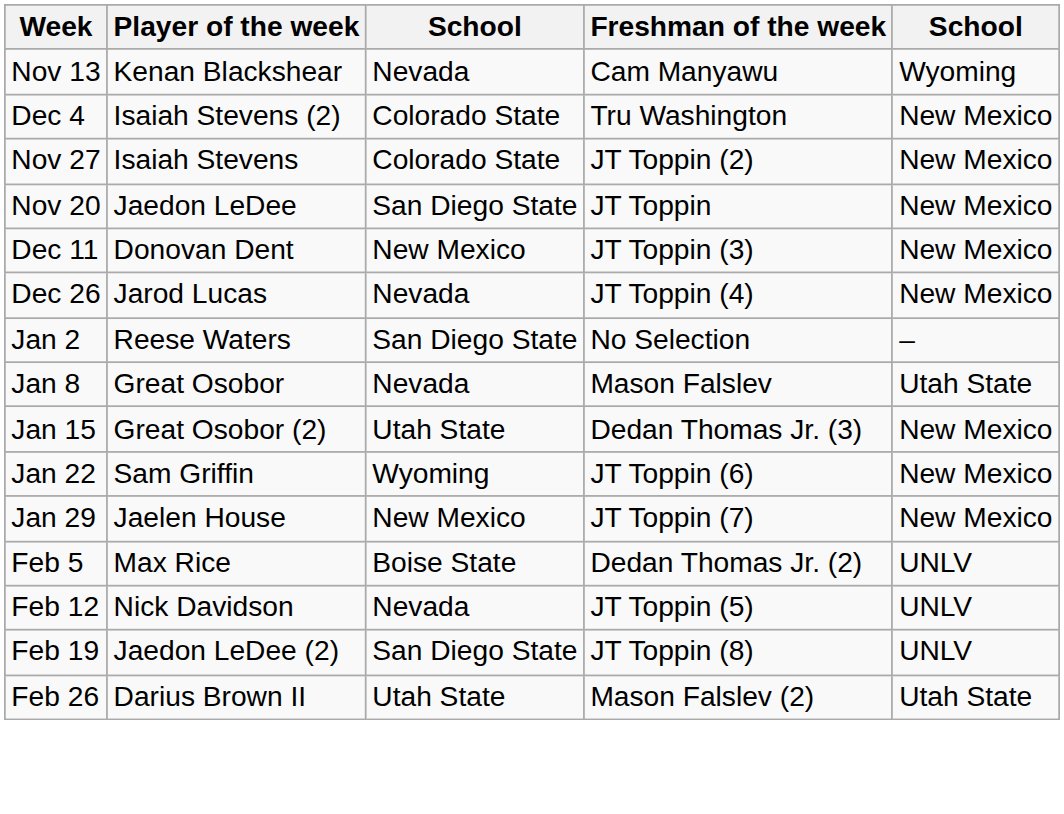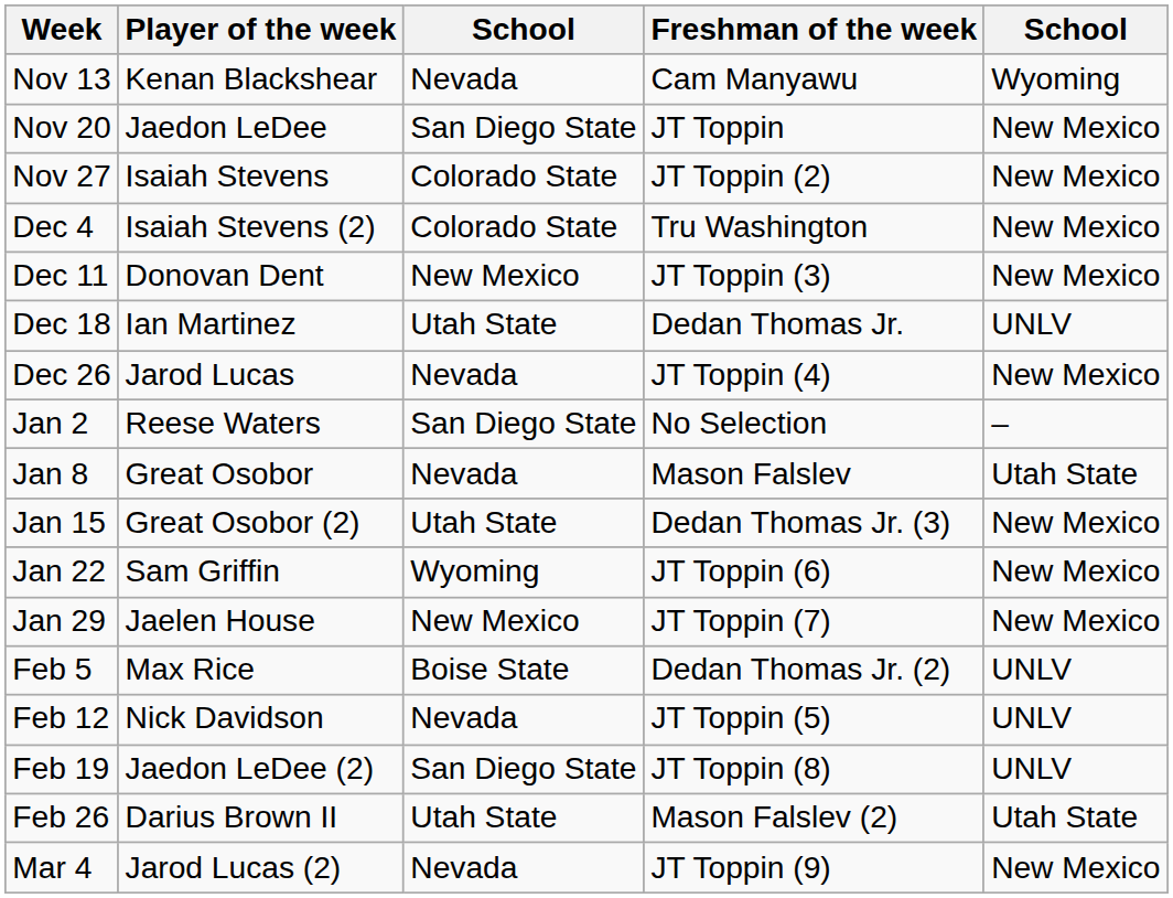 <table class=wikitable>
 <tr>
 <th>Week</th>
 <th>Player of the week</th>
 <th>School</th>
 <th>Freshman of the week</th>
 <th>School</th>
 </tr>
 <tr>
 <td>Nov 13</td>
 <td>Kenan Blackshear</td>
 <td style=>Nevada</td>
 <td>Cam Manyawu</td>
 <td style=>Wyoming</td>
 </tr>
 <tr>
-<td>Dec 4</td>
-<td>Isaiah Stevens (2)</td>
-<td style=>Colorado State</td>
-<td>Tru Washington</td>
+<td>Nov 20</td>
+<td>Jaedon LeDee</td>
+<td style=>San Diego State</td>
+<td>JT Toppin</td>
 <td style=>New Mexico</td>
 </tr>
 <tr>
 <td>Nov 27</td>
 <td>Isaiah Stevens</td>
 <td style=>Colorado State</td>
 <td>JT Toppin (2)</td>
 <td style=>New Mexico</td>
 </tr>
 <tr>
-<td>Nov 20</td>
-<td>Jaedon LeDee</td>
-<td style=>San Diego State</td>
-<td>JT Toppin</td>
+<td>Dec 4</td>
+<td>Isaiah Stevens (2)</td>
+<td style=>Colorado State</td>
+<td>Tru Washington</td>
 <td style=>New Mexico</td>
 </tr>
 <tr>
 <td>Dec 11</td>
 <td>Donovan Dent</td>
 <td style=>New Mexico</td>
 <td>JT Toppin (3)</td>
 <td style=>New Mexico</td>
+</tr>
+<tr>
+<td>Dec 18</td>
+<td>Ian Martinez</td>
+<td style=>Utah State</td>
+<td>Dedan Thomas Jr.</td>
+<td style=>UNLV</td>
 </tr>
 <tr>
 <td>Dec 26</td>
 <td>Jarod Lucas</td>
 <td style=>Nevada</td>
 <td>JT Toppin (4)</td>
 <td style=>New Mexico</td>
 </tr>
 <tr>
 <td>Jan 2</td>
 <td>Reese Waters</td>
 <td style=>San Diego State</td>
 <td>No Selection</td>
 <td>–</td>
 </tr>
 <tr>
 <td>Jan 8</td>
 <td>Great Osobor</td>
 <td>Nevada</td>
 <td>Mason Falslev</td>
 <td style=>Utah State</td>
 </tr>
 <tr>
 <td>Jan 15</td>
 <td>Great Osobor (2)</td>
 <td style=>Utah State</td>
 <td>Dedan Thomas Jr. (3)</td>
 <td style=>New Mexico</td>
 </tr>
 <tr>
 <td>Jan 22</td>
 <td>Sam Griffin</td>
 <td style=>Wyoming</td>
 <td>JT Toppin (6)</td>
 <td style=>New Mexico</td>
 </tr>
 <tr>
 <td>Jan 29</td>
 <td>Jaelen House</td>
 <td style=>New Mexico</td>
 <td>JT Toppin (7)</td>
 <td style=>New Mexico</td>
 </tr>
 <tr>
 <td>Feb 5</td>
 <td>Max Rice</td>
 <td style=>Boise State</td>
 <td>Dedan Thomas Jr. (2)</td>
 <td>UNLV</td>
 </tr>
 <tr>
 <td>Feb 12</td>
 <td>Nick Davidson</td>
 <td>Nevada</td>
 <td>JT Toppin (5)</td>
 <td>UNLV</td>
 </tr>
 <tr>
 <td>Feb 19</td>
 <td>Jaedon LeDee (2)</td>
 <td>San Diego State</td>
 <td>JT Toppin (8)</td>
 <td>UNLV</td>
 </tr>
 <tr>
 <td>Feb 26</td>
 <td>Darius Brown II</td>
 <td style=>Utah State</td>
 <td>Mason Falslev (2)</td>
 <td style=>Utah State</td>
 </tr>
+<tr>
+<td>Mar 4</td>
+<td>Jarod Lucas (2)</td>
+<td style=>Nevada</td>
+<td>JT Toppin (9)</td>
+<td style=>New Mexico</td>
+</tr>
 </table>
